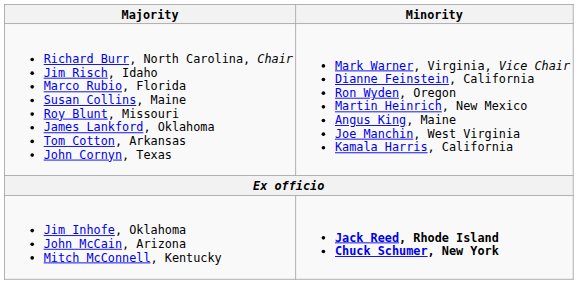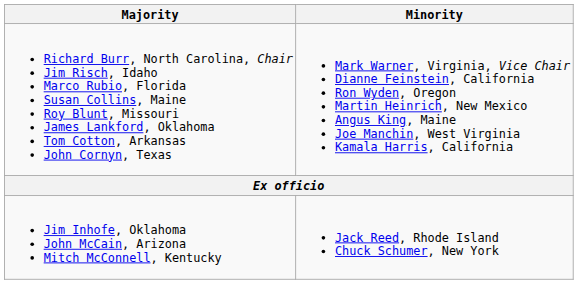 <table class=wikitable>
 <tr>
 <th>Majority</th>
 <th>Minority</th>
 </tr>
 <tr>
 <td><br><ul><li><a href='#'>Richard Burr</a>, North Carolina, <em>Chair</em></li><li><a href='#'>Jim Risch</a>, Idaho</li><li><a href='#'>Marco Rubio</a>, Florida</li><li><a href='#'>Susan Collins</a>, Maine</li><li><a href='#'>Roy Blunt</a>, Missouri</li><li><a href='#'>James Lankford</a>, Oklahoma</li><li><a href='#'>Tom Cotton</a>, Arkansas</li><li><a href='#'>John Cornyn</a>, Texas</li></ul></td>
 <td><br><ul><li><a href='#'>Mark Warner</a>, Virginia, <em>Vice Chair</em></li><li><a href='#'>Dianne Feinstein</a>, California</li><li><a href='#'>Ron Wyden</a>, Oregon</li><li><a href='#'>Martin Heinrich</a>, New Mexico</li><li><span><a href='#'>Angus King</a>, Maine</span></li><li><a href='#'>Joe Manchin</a>, West Virginia</li><li><a href='#'>Kamala Harris</a>, California</li></ul></td>
 </tr>
 <tr>
 <th colspan=2><em>Ex officio</em></th>
 </tr>
 <tr>
 <td><br><ul><li><a href='#'>Jim Inhofe</a>, Oklahoma </li><li><a href='#'>John McCain</a>, Arizona </li><li><a href='#'>Mitch McConnell</a>, Kentucky</li></ul></td>
-<td><strong><br><ul><li><a href='#'>Jack Reed</a>, Rhode Island</li><li><a href='#'>Chuck Schumer</a>, New York</li></ul></strong></td>
+<td><br><ul><li><a href='#'>Jack Reed</a>, Rhode Island</li><li><a href='#'>Chuck Schumer</a>, New York</li></ul></td>
 </tr>
 </table>
